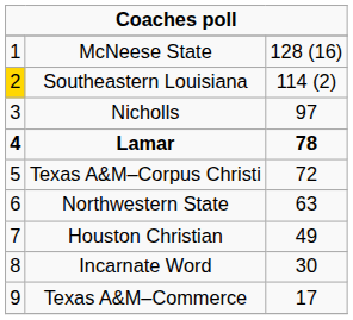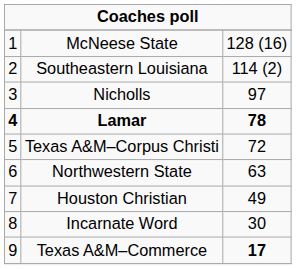 <table class="wikitable">
 <tr align="center">
 <td align="center" Colspan="3"><strong>Coaches poll</strong></td>
 </tr>
 <tr align="center">
 </tr>
 <tr align="center">
 <td>1</td>
 <td>McNeese State</td>
 <td>128 (16)</td>
 </tr>
 <tr align="center">
-<td style="background: gold;">2</td>
+<td>2</td>
 <td>Southeastern Louisiana</td>
 <td>114 (2)</td>
 </tr>
 <tr align="center">
 <td>3</td>
 <td>Nicholls</td>
 <td>97</td>
 </tr>
 <tr align="center">
 <td><strong>4</strong></td>
 <td><strong>Lamar</strong></td>
 <td><strong>78</strong></td>
 </tr>
 <tr align="center">
 <td>5</td>
 <td>Texas A&M–Corpus Christi</td>
 <td>72</td>
 </tr>
 <tr align="center">
 <td>6</td>
 <td>Northwestern State</td>
 <td>63</td>
 </tr>
 <tr align="center">
 <td>7</td>
 <td>Houston Christian</td>
 <td>49</td>
 </tr>
 <tr align="center">
 <td>8</td>
 <td>Incarnate Word</td>
 <td>30</td>
 </tr>
 <tr align="center">
 <td>9</td>
 <td>Texas A&M–Commerce</td>
-<td>17</td>
+<td><strong>17</strong></td>
 </tr>
 <tr align="center">
 </tr>
 </table>
